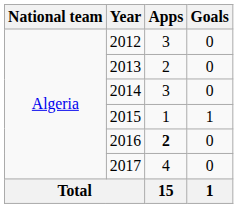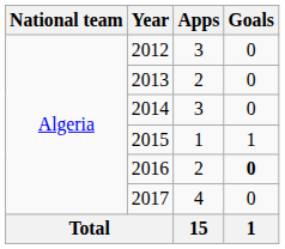 <table class="wikitable" style="text-align:center">
 <tr>
 <th>National team</th>
 <th>Year</th>
 <th>Apps</th>
 <th>Goals</th>
 </tr>
 <tr>
 <td rowspan="6"><a href='#'>Algeria</a></td>
 <td>2012</td>
 <td>3</td>
 <td>0</td>
 </tr>
 <tr>
 <td>2013</td>
 <td>2</td>
 <td>0</td>
 </tr>
 <tr>
 <td>2014</td>
 <td>3</td>
 <td>0</td>
 </tr>
 <tr>
 <td>2015</td>
 <td>1</td>
 <td>1</td>
 </tr>
 <tr>
 <td>2016</td>
-<td><strong>2</strong></td>
-<td>0</td>
+<td>2</td>
+<td><strong>0</strong></td>
 </tr>
 <tr>
 <td>2017</td>
 <td>4</td>
 <td>0</td>
 </tr>
 <tr>
 <th colspan="2">Total</th>
 <th>15</th>
 <th>1</th>
 </tr>
 </table>
